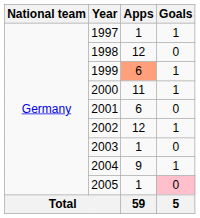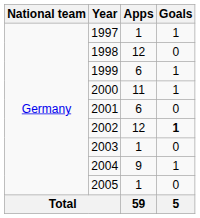 <table class="wikitable" style="text-align:center">
 <tr>
 <th>National team</th>
 <th>Year</th>
 <th>Apps</th>
 <th>Goals</th>
 </tr>
 <tr>
 <td rowspan="9"><a href='#'>Germany</a></td>
 <td>1997</td>
 <td>1</td>
 <td>1</td>
 </tr>
 <tr>
 <td>1998</td>
 <td>12</td>
 <td>0</td>
 </tr>
 <tr>
 <td>1999</td>
-<td style="background: lightsalmon;">6</td>
+<td>6</td>
 <td>1</td>
 </tr>
 <tr>
 <td>2000</td>
 <td>11</td>
 <td>1</td>
 </tr>
 <tr>
 <td>2001</td>
 <td>6</td>
 <td>0</td>
 </tr>
 <tr>
 <td>2002</td>
 <td>12</td>
-<td>1</td>
+<td><strong>1</strong></td>
 </tr>
 <tr>
 <td>2003</td>
 <td>1</td>
 <td>0</td>
 </tr>
 <tr>
 <td>2004</td>
 <td>9</td>
 <td>1</td>
 </tr>
 <tr>
 <td>2005</td>
 <td>1</td>
-<td style="background: pink;">0</td>
+<td>0</td>
 </tr>
 <tr>
 <th colspan="2">Total</th>
 <th>59</th>
 <th>5</th>
 </tr>
 </table>
